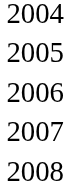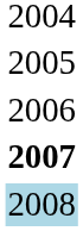 <table>
 <tr>
 <td>2004</td>
 <td></td>
 <td></td>
 <td></td>
 </tr>
 <tr>
 <td>2005</td>
 <td></td>
 <td></td>
 <td></td>
 </tr>
 <tr>
 <td>2006</td>
 <td></td>
 <td></td>
 <td></td>
 </tr>
 <tr>
-<td>2007</td>
+<td><strong>2007</strong></td>
 <td></td>
 <td></td>
 <td></td>
 </tr>
 <tr>
-<td>2008</td>
+<td style="background: lightblue;">2008</td>
 <td></td>
 <td></td>
 <td></td>
 </tr>
 <tr>
 </tr>
 </table>
